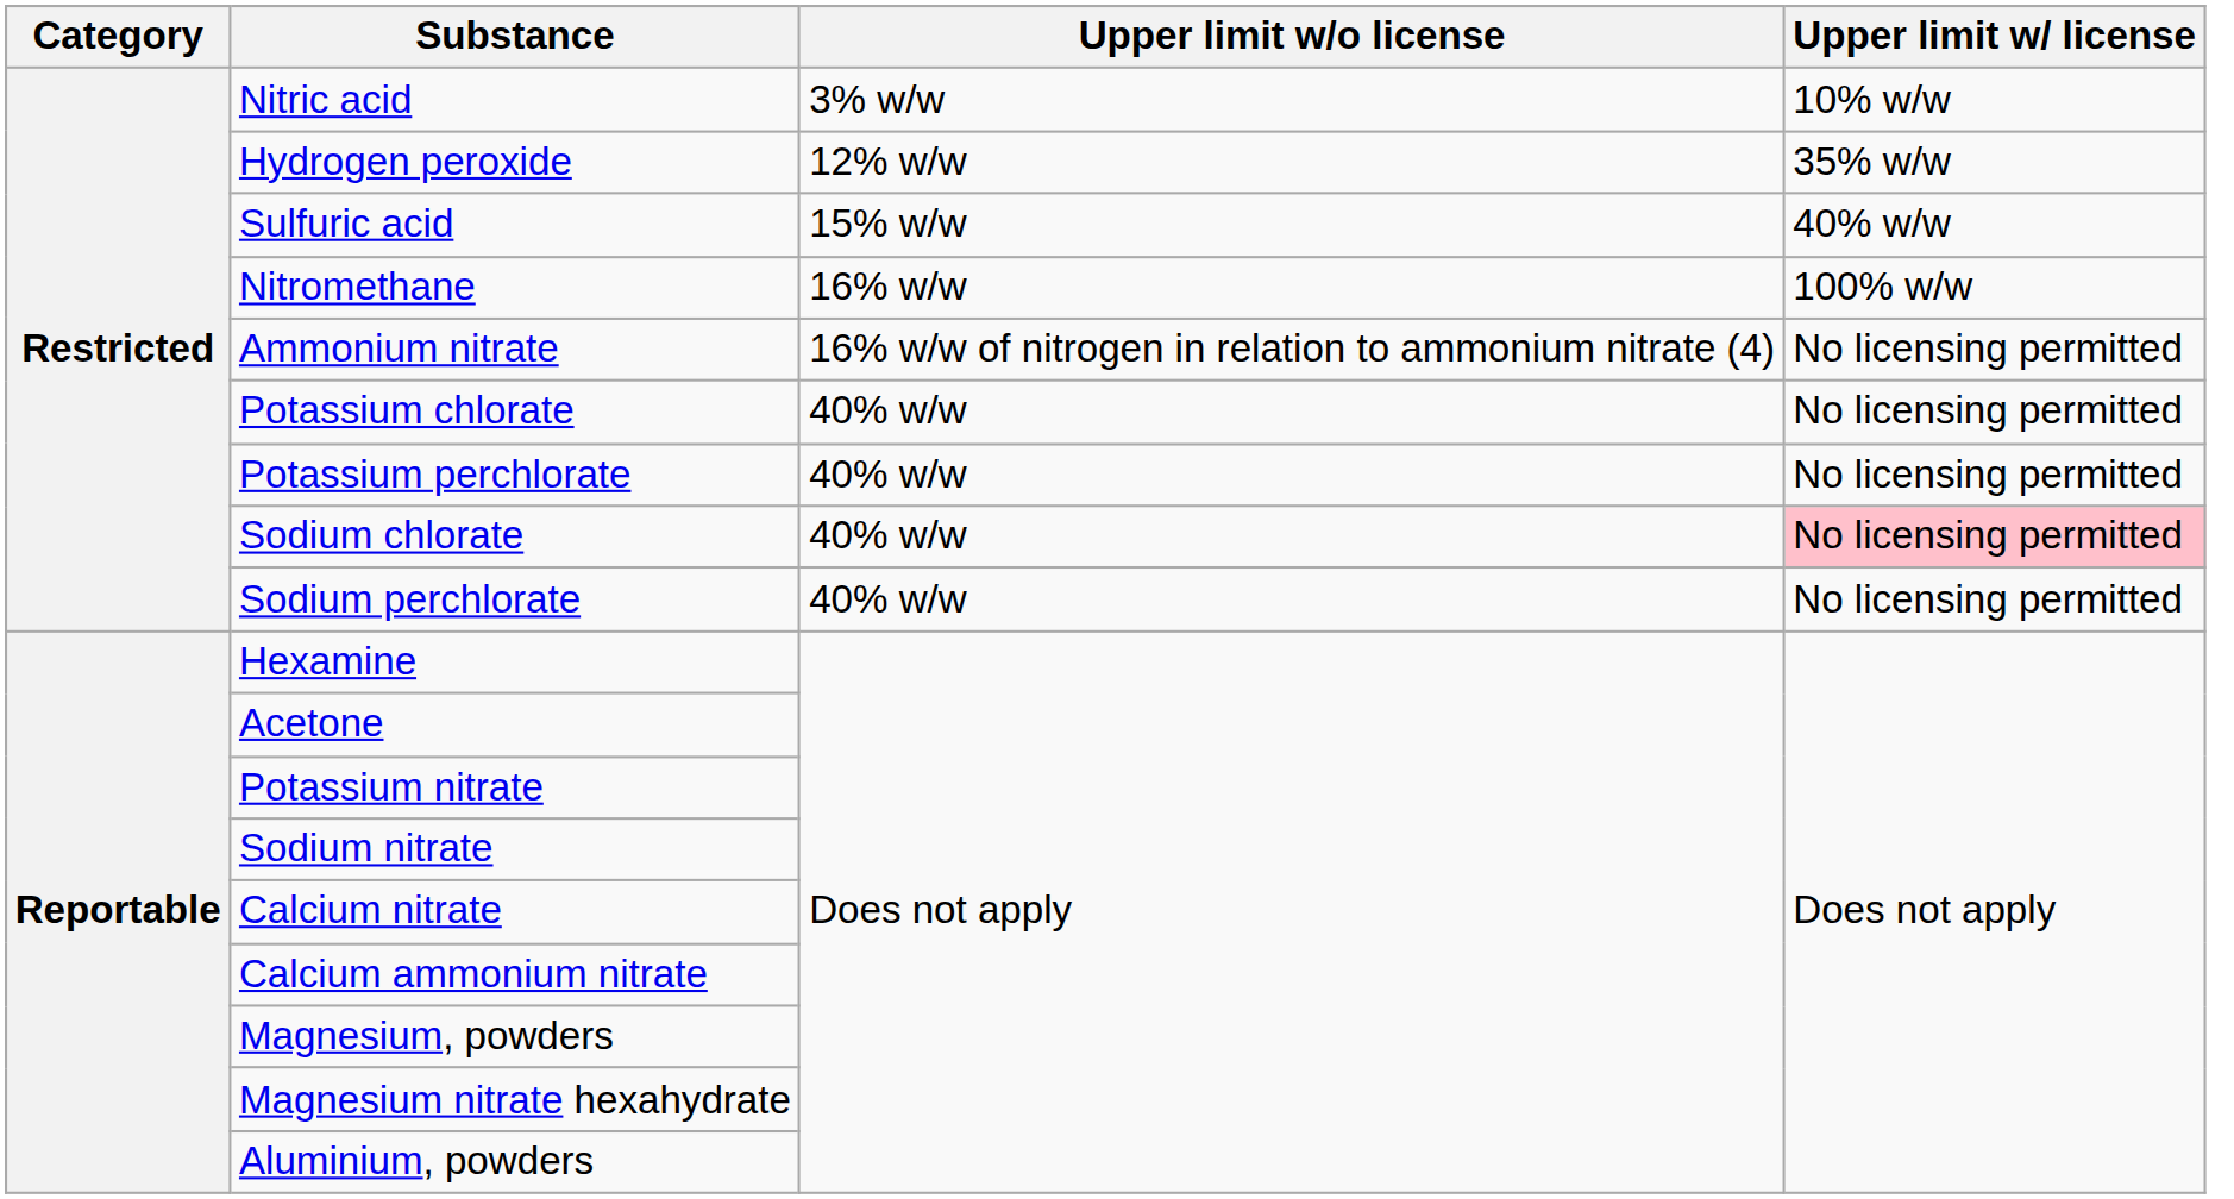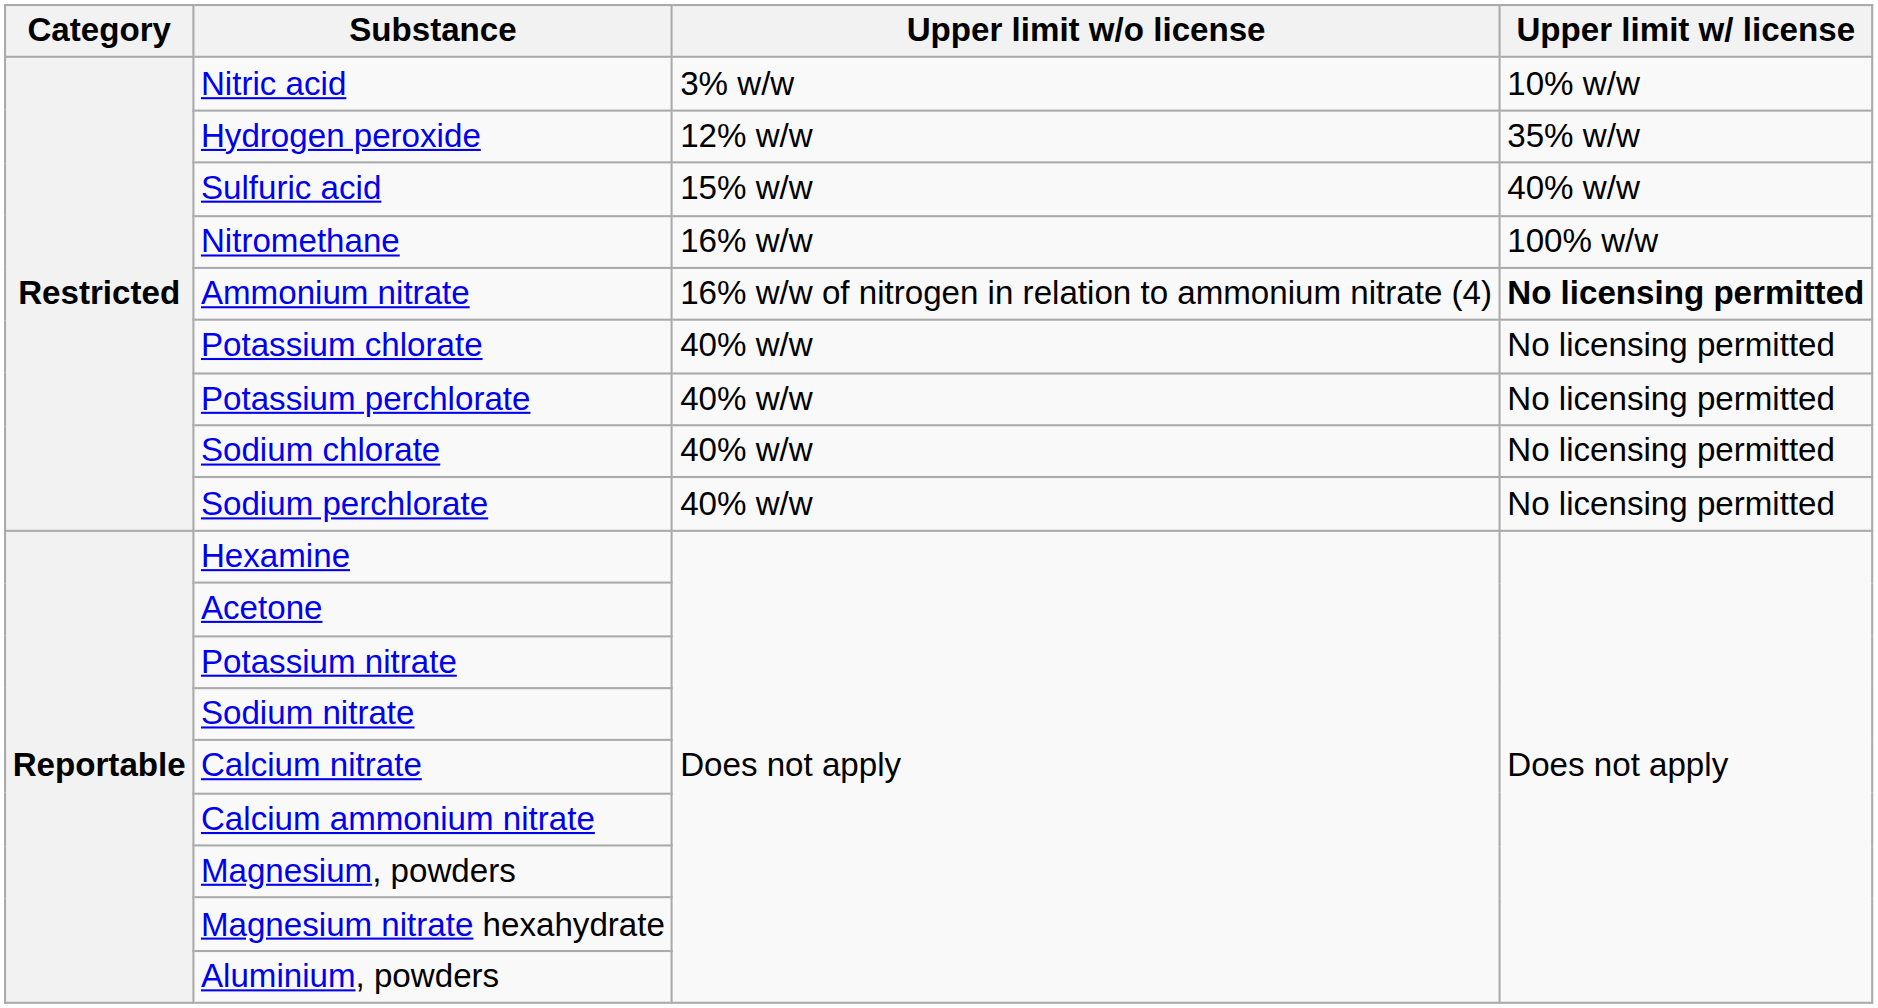 <table class="wikitable">
 <tr>
 <th>Category</th>
 <th>Substance</th>
 <th>Upper limit w/o license</th>
 <th>Upper limit w/ license</th>
 </tr>
 <tr>
 <th rowspan="9">Restricted</th>
 <td><a href='#'>Nitric acid</a></td>
 <td>3% w/w</td>
 <td>10% w/w</td>
 </tr>
 <tr>
 <td><a href='#'>Hydrogen peroxide</a></td>
 <td>12% w/w</td>
 <td>35% w/w</td>
 </tr>
 <tr>
 <td><a href='#'>Sulfuric acid</a></td>
 <td>15% w/w</td>
 <td>40% w/w</td>
 </tr>
 <tr>
 <td><a href='#'>Nitromethane</a></td>
 <td>16% w/w</td>
 <td>100% w/w</td>
 </tr>
 <tr>
 <td><a href='#'>Ammonium nitrate</a></td>
 <td>16% w/w of nitrogen in relation to ammonium nitrate (4)</td>
-<td>No licensing permitted</td>
+<td><strong>No licensing permitted</strong></td>
 </tr>
 <tr>
 <td><a href='#'>Potassium chlorate</a></td>
 <td>40% w/w</td>
 <td>No licensing permitted</td>
 </tr>
 <tr>
 <td><a href='#'>Potassium perchlorate</a></td>
 <td>40% w/w</td>
 <td>No licensing permitted</td>
 </tr>
 <tr>
 <td><a href='#'>Sodium chlorate</a></td>
 <td>40% w/w</td>
-<td style="background: pink;">No licensing permitted</td>
+<td>No licensing permitted</td>
 </tr>
 <tr>
 <td><a href='#'>Sodium perchlorate</a></td>
 <td>40% w/w</td>
 <td>No licensing permitted</td>
 </tr>
 <tr>
 <th rowspan="9">Reportable</th>
 <td><a href='#'>Hexamine</a></td>
 <td rowspan="9">Does not apply</td>
 <td rowspan="9">Does not apply</td>
 </tr>
 <tr>
 <td><a href='#'>Acetone</a></td>
 </tr>
 <tr>
 <td><a href='#'>Potassium nitrate</a></td>
 </tr>
 <tr>
 <td><a href='#'>Sodium nitrate</a></td>
 </tr>
 <tr>
 <td><a href='#'>Calcium nitrate</a></td>
 </tr>
 <tr>
 <td><a href='#'>Calcium ammonium nitrate</a></td>
 </tr>
 <tr>
 <td><a href='#'>Magnesium</a>, powders</td>
 </tr>
 <tr>
 <td><a href='#'>Magnesium nitrate</a> hexahydrate</td>
 </tr>
 <tr>
 <td><a href='#'>Aluminium</a>, powders</td>
 </tr>
 </table>
